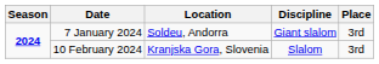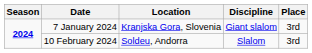 <table class="wikitable" style="font-size:95%; text-align:center;">
 <tr>
 <th>Season</th>
 <th>Date</th>
 <th>Location</th>
 <th>Discipline</th>
 <th>Place</th>
 </tr>
 <tr>
 <td rowspan="2"><strong><a href='#'>2024</a></strong></td>
 <td align=right>7 January 2024</td>
-<td align=left> <a href='#'>Soldeu</a>, Andorra</td>
+<td align=left> <a href='#'>Kranjska Gora</a>, Slovenia</td>
 <td><a href='#'>Giant slalom</a></td>
 <td>3rd</td>
 </tr>
 <tr>
 <td align=right>10 February 2024</td>
-<td align=left> <a href='#'>Kranjska Gora</a>, Slovenia</td>
+<td align=left> <a href='#'>Soldeu</a>, Andorra</td>
 <td><a href='#'>Slalom</a></td>
 <td>3rd</td>
 </tr>
 </table>
